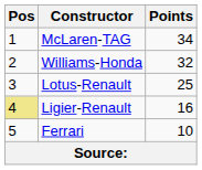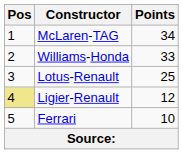 <table class="wikitable" style="font-size: 95%;">
 <tr>
 <th>Pos</th>
 <th>Constructor</th>
 <th>Points</th>
 </tr>
 <tr>
 <td>1</td>
 <td> <a href='#'>McLaren</a>-<a href='#'>TAG</a></td>
 <td align="right">34</td>
 </tr>
 <tr>
 <td>2</td>
 <td> <a href='#'>Williams</a>-<a href='#'>Honda</a></td>
-<td align="right">32</td>
+<td align="right">33</td>
 </tr>
 <tr>
 <td>3</td>
 <td> <a href='#'>Lotus</a>-<a href='#'>Renault</a></td>
 <td align="right">25</td>
 </tr>
 <tr>
 <td style="background: khaki;">4</td>
 <td> <a href='#'>Ligier</a>-<a href='#'>Renault</a></td>
-<td align="right">16</td>
+<td align="right">12</td>
 </tr>
 <tr>
 <td>5</td>
 <td> <a href='#'>Ferrari</a></td>
 <td align="right">10</td>
 </tr>
 <tr>
 <th colspan=4>Source: </th>
 </tr>
 </table>
